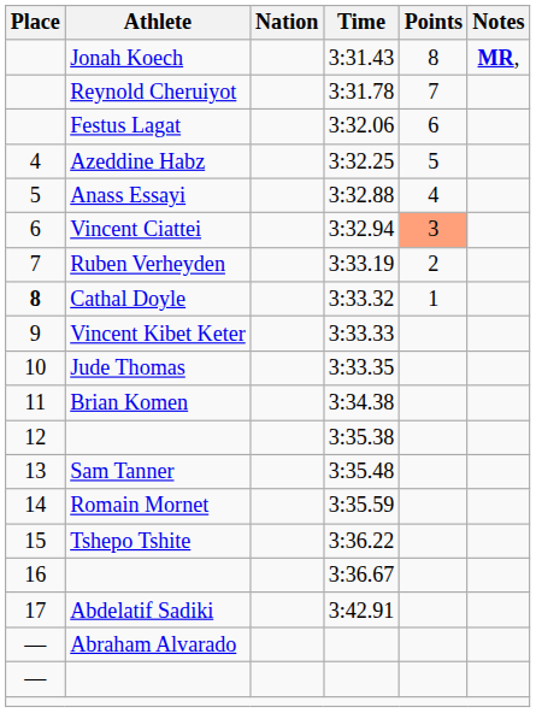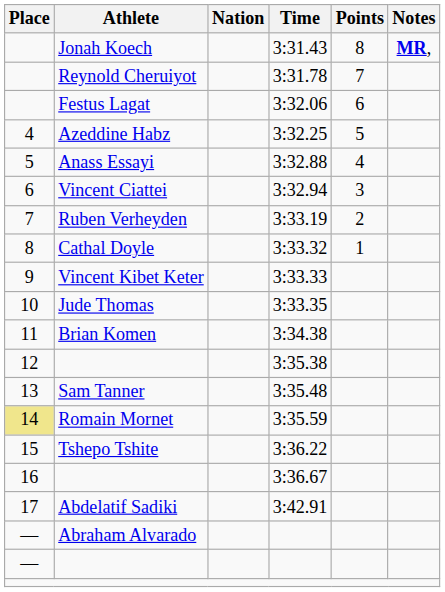 <table class="wikitable mw-datatable sortable" style="text-align:center;">
 <tr>
 <th scope="col">Place</th>
 <th scope="col">Athlete</th>
 <th scope="col">Nation</th>
 <th scope="col">Time</th>
 <th scope="col">Points</th>
 <th scope="col">Notes</th>
 </tr>
 <tr>
 <td></td>
 <td align="left"><a href='#'>Jonah Koech</a></td>
 <td align="left"></td>
 <td>3:31.43</td>
 <td>8</td>
 <td><strong><a href='#'>MR</a></strong>, </td>
 </tr>
 <tr>
 <td></td>
 <td align="left"><a href='#'>Reynold Cheruiyot</a></td>
 <td align="left"></td>
 <td>3:31.78</td>
 <td>7</td>
 <td></td>
 </tr>
 <tr>
 <td></td>
 <td align="left"><a href='#'>Festus Lagat</a></td>
 <td align="left"></td>
 <td>3:32.06</td>
 <td>6</td>
 <td></td>
 </tr>
 <tr>
 <td>4</td>
 <td align="left"><a href='#'>Azeddine Habz</a></td>
 <td align="left"></td>
 <td>3:32.25</td>
 <td>5</td>
 <td></td>
 </tr>
 <tr>
 <td>5</td>
 <td align="left"><a href='#'>Anass Essayi</a></td>
 <td align="left"></td>
 <td>3:32.88</td>
 <td>4</td>
 <td></td>
 </tr>
 <tr>
 <td>6</td>
 <td align="left"><a href='#'>Vincent Ciattei</a></td>
 <td align="left"></td>
 <td>3:32.94</td>
-<td style="background: lightsalmon;">3</td>
+<td>3</td>
 <td></td>
 </tr>
 <tr>
 <td>7</td>
 <td align="left"><a href='#'>Ruben Verheyden</a></td>
 <td align="left"></td>
 <td>3:33.19</td>
 <td>2</td>
 <td></td>
 </tr>
 <tr>
-<td><strong>8</strong></td>
+<td>8</td>
 <td align="left"><a href='#'>Cathal Doyle</a></td>
 <td align="left"></td>
 <td>3:33.32</td>
 <td>1</td>
 <td></td>
 </tr>
 <tr>
 <td>9</td>
 <td align="left"><a href='#'>Vincent Kibet Keter</a></td>
 <td align="left"></td>
 <td>3:33.33</td>
 <td></td>
 <td></td>
 </tr>
 <tr>
 <td>10</td>
 <td align="left"><a href='#'>Jude Thomas</a></td>
 <td align="left"></td>
 <td>3:33.35</td>
 <td></td>
 <td></td>
 </tr>
 <tr>
 <td>11</td>
 <td align="left"><a href='#'>Brian Komen</a></td>
 <td align="left"></td>
 <td>3:34.38</td>
 <td></td>
 <td></td>
 </tr>
 <tr>
 <td>12</td>
 <td align="left"></td>
 <td align="left"></td>
 <td>3:35.38</td>
 <td></td>
 <td></td>
 </tr>
 <tr>
 <td>13</td>
 <td align="left"><a href='#'>Sam Tanner</a></td>
 <td align="left"></td>
 <td>3:35.48</td>
 <td></td>
 <td></td>
 </tr>
 <tr>
-<td>14</td>
+<td style="background: khaki;">14</td>
 <td align="left"><a href='#'>Romain Mornet</a></td>
 <td align="left"></td>
 <td>3:35.59</td>
 <td></td>
 <td></td>
 </tr>
 <tr>
 <td>15</td>
 <td align="left"><a href='#'>Tshepo Tshite</a></td>
 <td align="left"></td>
 <td>3:36.22</td>
 <td></td>
 <td></td>
 </tr>
 <tr>
 <td>16</td>
 <td align="left"></td>
 <td align="left"></td>
 <td>3:36.67</td>
 <td></td>
 <td></td>
 </tr>
 <tr>
 <td>17</td>
 <td align="left"><a href='#'>Abdelatif Sadiki</a></td>
 <td align="left"></td>
 <td>3:42.91</td>
 <td></td>
 <td></td>
 </tr>
 <tr>
 <td>—</td>
 <td align="left"><a href='#'>Abraham Alvarado</a></td>
 <td align="left"></td>
 <td></td>
 <td></td>
 <td></td>
 </tr>
 <tr>
 <td>—</td>
 <td align="left"></td>
 <td align="left"></td>
 <td></td>
 <td></td>
 <td></td>
 </tr>
 <tr class="sortbottom">
 <td colspan="6"></td>
 </tr>
 </table>
